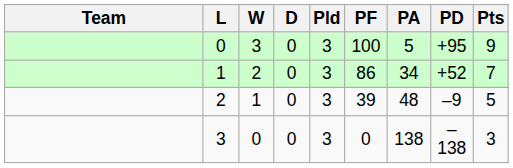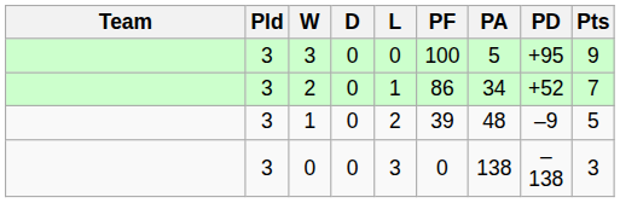 <table class="wikitable" style="text-align:center;">
 <tr>
 <th width=175>Team</th>
-<th width=25 abbr="Lost">L</th>
+<th width=25 abbr="Played">Pld</th>
 <th width=25 abbr="Won">W</th>
 <th width=25 abbr="Drawn">D</th>
-<th width=25 abbr="Played">Pld</th>
+<th width=25 abbr="Lost">L</th>
 <th width=32 abbr="Points for">PF</th>
 <th width=32 abbr="Points against">PA</th>
 <th width=32 abbr="Points difference">PD</th>
 <th width=25 abbr="Points">Pts</th>
 </tr>
 <tr bgcolor=ccffcc>
 <td align=left></td>
-<td>0</td>
+<td>3</td>
 <td>3</td>
 <td>0</td>
-<td>3</td>
+<td>0</td>
 <td>100</td>
 <td>5</td>
 <td>+95</td>
 <td>9</td>
 </tr>
 <tr bgcolor=ccffcc>
 <td align=left></td>
-<td>1</td>
+<td>3</td>
 <td>2</td>
 <td>0</td>
-<td>3</td>
+<td>1</td>
 <td>86</td>
 <td>34</td>
 <td>+52</td>
 <td>7</td>
 </tr>
 <tr>
 <td align=left></td>
-<td>2</td>
+<td>3</td>
 <td>1</td>
 <td>0</td>
-<td>3</td>
+<td>2</td>
 <td>39</td>
 <td>48</td>
 <td>–9</td>
 <td>5</td>
 </tr>
 <tr>
 <td align=left></td>
 <td>3</td>
 <td>0</td>
 <td>0</td>
 <td>3</td>
 <td>0</td>
 <td>138</td>
 <td>–138</td>
 <td>3</td>
 </tr>
 </table>
